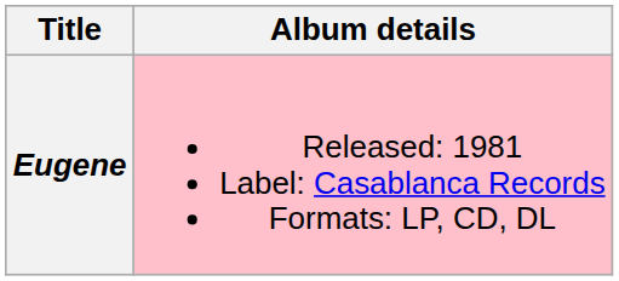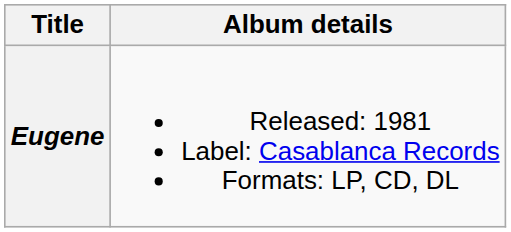 <table class="wikitable plainrowheaders" style="text-align:center;">
 <tr>
 <th scope=col>Title</th>
 <th scope=col>Album details</th>
 </tr>
 <tr>
 <th scope="row"><em>Eugene</em></th>
-<td style="background: pink;"><br><ul><li>Released: 1981</li><li>Label: <a href='#'>Casablanca Records</a></li><li>Formats: LP, CD, DL</li></ul></td>
+<td><br><ul><li>Released: 1981</li><li>Label: <a href='#'>Casablanca Records</a></li><li>Formats: LP, CD, DL</li></ul></td>
 </tr>
 </table>
